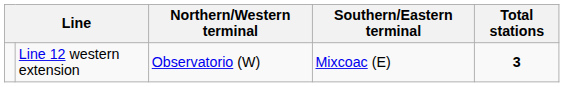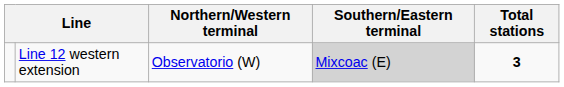 <table width="100%"  class="wikitable">
 <tr>
 <th colspan="2" align="center">Line</th>
 <th align="center">Northern/Western terminal</th>
 <th align="center">Southern/Eastern terminal</th>
 <th align="center">Total stations</th>
 </tr>
 <tr>
 <td rowspan="1" width="2%" bgcolor=""></td>
 <td><a href='#'>Line 12</a> western extension</td>
 <td><a href='#'>Observatorio</a> (W)</td>
-<td><a href='#'>Mixcoac</a> (E)</td>
+<td style="background: lightgrey;"><a href='#'>Mixcoac</a> (E)</td>
 <td align="center"><strong>3</strong></td>
 </tr>
 </table>
